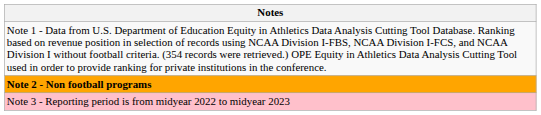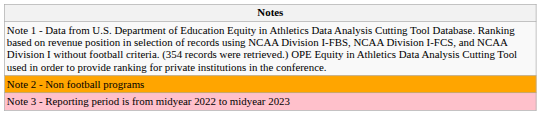 <table class="wikitable">
 <tr>
 <th style="width:775px;">Notes</th>
 </tr>
 <tr>
 <td>Note 1 - Data from U.S. Department of Education Equity in Athletics Data Analysis Cutting Tool Database. Ranking based on revenue position in selection of records using NCAA Division I-FBS, NCAA Division I-FCS, and NCAA Division I without football criteria. (354 records were retrieved.) OPE Equity in Athletics Data Analysis Cutting Tool used in order to provide ranking for private institutions in the conference.</td>
 </tr>
 <tr bgcolor=orange>
-<td><strong>Note 2 - Non football programs</strong></td>
+<td>Note 2 - Non football programs</td>
 </tr>
 <tr bgcolor=pink>
 <td>Note 3 - Reporting period is from midyear 2022 to midyear 2023</td>
 </tr>
 </table>
